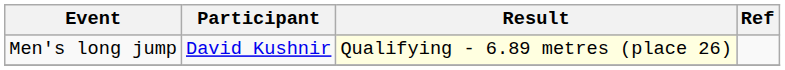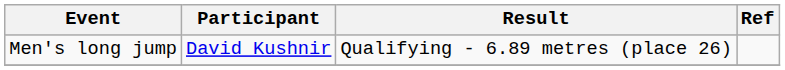 <table class="wikitable" style="font-size: 95%;">
 <tr>
 <th>Event</th>
 <th>Participant</th>
 <th>Result</th>
 <th>Ref</th>
 </tr>
 <tr>
 <td>Men's long jump</td>
 <td><a href='#'>David Kushnir</a></td>
-<td style="background: lightyellow;">Qualifying - 6.89 metres (place 26)</td>
+<td>Qualifying - 6.89 metres (place 26)</td>
 <td></td>
 </tr>
 <tr>
 </tr>
 </table>
